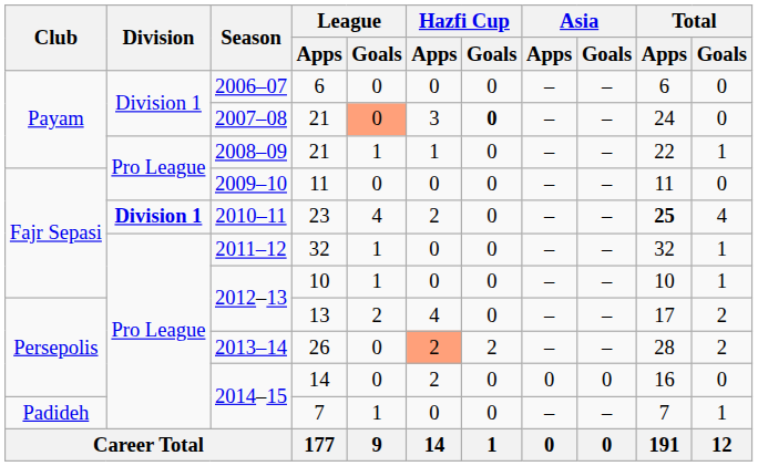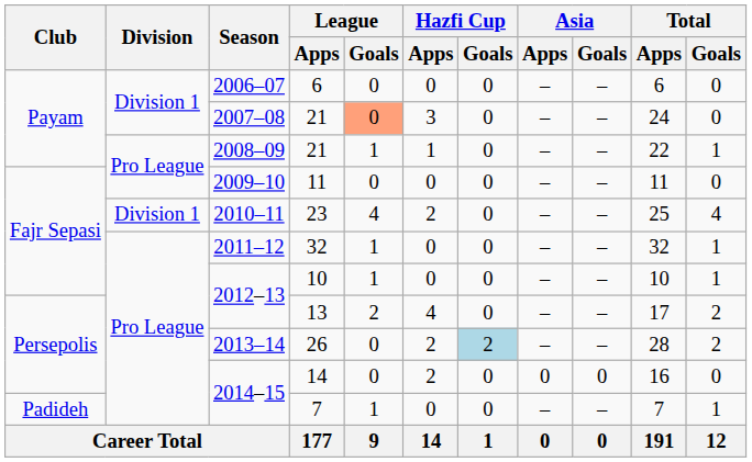 <table class="wikitable" style="text-align: center;">
 <tr>
 <th rowspan="2">Club</th>
 <th rowspan="2">Division</th>
 <th rowspan="2">Season</th>
 <th colspan="2">League</th>
 <th colspan="2"><a href='#'>Hazfi Cup</a></th>
 <th colspan="2"><a href='#'>Asia</a></th>
 <th colspan="2">Total</th>
 </tr>
 <tr>
 <th>Apps</th>
 <th>Goals</th>
 <th>Apps</th>
 <th>Goals</th>
 <th>Apps</th>
 <th>Goals</th>
 <th>Apps</th>
 <th>Goals</th>
 </tr>
 <tr>
 <td rowspan="3"><a href='#'>Payam</a></td>
 <td rowspan="2"><a href='#'>Division 1</a></td>
 <td><a href='#'>2006–07</a></td>
 <td>6</td>
 <td>0</td>
 <td>0</td>
 <td>0</td>
 <td>–</td>
 <td>–</td>
 <td>6</td>
 <td>0</td>
 </tr>
 <tr>
 <td><a href='#'>2007–08</a></td>
 <td>21</td>
 <td style="background: lightsalmon;">0</td>
 <td>3</td>
-<td><strong>0</strong></td>
+<td>0</td>
 <td>–</td>
 <td>–</td>
 <td>24</td>
 <td>0</td>
 </tr>
 <tr>
 <td rowspan="2"><a href='#'>Pro League</a></td>
 <td><a href='#'>2008–09</a></td>
 <td>21</td>
 <td>1</td>
 <td>1</td>
 <td>0</td>
 <td>–</td>
 <td>–</td>
 <td>22</td>
 <td>1</td>
 </tr>
 <tr>
 <td rowspan="4"><a href='#'>Fajr Sepasi</a></td>
 <td><a href='#'>2009–10</a></td>
 <td>11</td>
 <td>0</td>
 <td>0</td>
 <td>0</td>
 <td>–</td>
 <td>–</td>
 <td>11</td>
 <td>0</td>
 </tr>
 <tr>
-<td><strong><a href='#'>Division 1</a></strong></td>
+<td><a href='#'>Division 1</a></td>
 <td><a href='#'>2010–11</a></td>
 <td>23</td>
 <td>4</td>
 <td>2</td>
 <td>0</td>
 <td>–</td>
 <td>–</td>
-<td><strong>25</strong></td>
+<td>25</td>
 <td>4</td>
 </tr>
 <tr>
 <td rowspan="6"><a href='#'>Pro League</a></td>
 <td><a href='#'>2011–12</a></td>
 <td>32</td>
 <td>1</td>
 <td>0</td>
 <td>0</td>
 <td>–</td>
 <td>–</td>
 <td>32</td>
 <td>1</td>
 </tr>
 <tr>
 <td rowspan="2"><a href='#'>2012</a>–<a href='#'>13</a></td>
 <td>10</td>
 <td>1</td>
 <td>0</td>
 <td>0</td>
 <td>–</td>
 <td>–</td>
 <td>10</td>
 <td>1</td>
 </tr>
 <tr>
 <td rowspan="3"><a href='#'>Persepolis</a></td>
 <td>13</td>
 <td>2</td>
 <td>4</td>
 <td>0</td>
 <td>–</td>
 <td>–</td>
 <td>17</td>
 <td>2</td>
 </tr>
 <tr>
 <td><a href='#'>2013–14</a></td>
 <td>26</td>
 <td>0</td>
-<td style="background: lightsalmon;">2</td>
 <td>2</td>
+<td style="background: lightblue;">2</td>
 <td>–</td>
 <td>–</td>
 <td>28</td>
 <td>2</td>
 </tr>
 <tr>
 <td rowspan="2"><a href='#'>2014</a>–<a href='#'>15</a></td>
 <td>14</td>
 <td>0</td>
 <td>2</td>
 <td>0</td>
 <td>0</td>
 <td>0</td>
 <td>16</td>
 <td>0</td>
 </tr>
 <tr>
 <td><a href='#'>Padideh</a></td>
 <td>7</td>
 <td>1</td>
 <td>0</td>
 <td>0</td>
 <td>–</td>
 <td>–</td>
 <td>7</td>
 <td>1</td>
 </tr>
 <tr>
 <th colspan=3>Career Total</th>
 <th>177</th>
 <th>9</th>
 <th>14</th>
 <th>1</th>
 <th>0</th>
 <th>0</th>
 <th>191</th>
 <th>12</th>
 </tr>
 </table>
